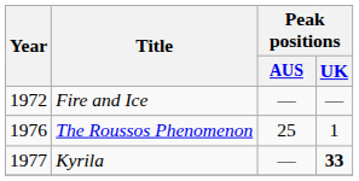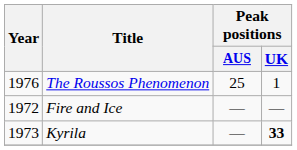 <table class="wikitable">
 <tr>
 <th align="center" rowspan="2" width="10">Year</th>
 <th align="center" rowspan="2">Title</th>
 <th align="center" colspan="2" width="20">Peak positions</th>
 </tr>
 <tr>
 <th scope="col" style="width:3em;font-size:90%;"><a href='#'>AUS</a><br></th>
 <th scope="col"><a href='#'>UK</a></th>
 </tr>
 <tr>
+<td style="text-align:center;" rowspan=1>1976</td>
+<td><em><a href='#'>The Roussos Phenomenon</a></em></td>
+<td style="text-align:center;">25</td>
+<td style="text-align:center;">1</td>
+</tr>
+<tr>
 <td style="text-align:center;" rowspan=1>1972</td>
 <td><em>Fire and Ice</em></td>
 <td style="text-align:center;">—</td>
 <td style="text-align:center;">—</td>
 </tr>
 <tr>
-<td style="text-align:center;" rowspan=1>1976</td>
-<td><em><a href='#'>The Roussos Phenomenon</a></em></td>
-<td style="text-align:center;">25</td>
-<td style="text-align:center;">1</td>
-</tr>
-<tr>
-<td style="text-align:center;" rowspan=1>1977</td>
+<td style="text-align:center;" rowspan=1>1973</td>
 <td><em>Kyrila</em></td>
 <td style="text-align:center;">—</td>
 <td style="text-align:center;"><strong>33</strong></td>
 </tr>
 <tr>
 </tr>
 </table>
